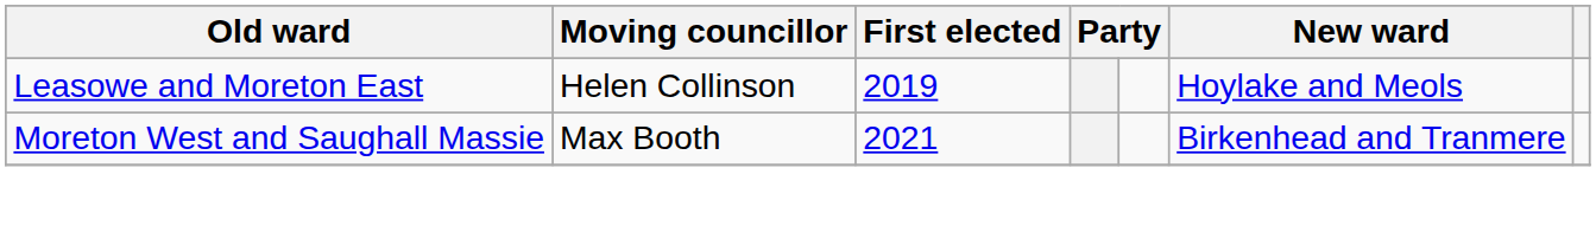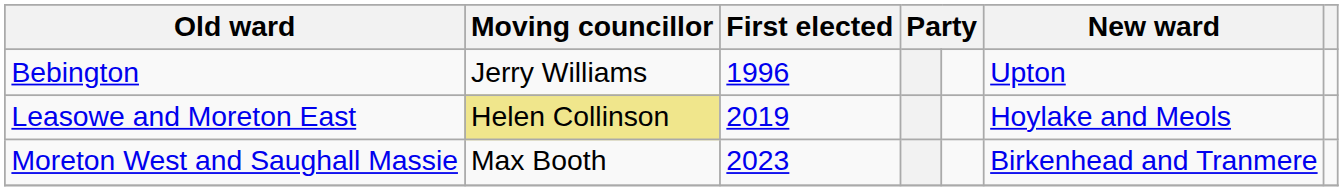 <table class="wikitable sortable">
 <tr>
 <th>Old ward</th>
 <th>Moving councillor</th>
 <th>First elected</th>
 <th colspan="2">Party</th>
 <th>New ward</th>
 <th></th>
 </tr>
 <tr>
+<td align="left"><a href='#'>Bebington</a></td>
+<td align="left">Jerry Williams</td>
+<td align="left"><a href='#'>1996</a></td>
+<th style="background-color: "></th>
+<td><a href='#'></a></td>
+<td align="left"><a href='#'>Upton</a></td>
+<td align = center></td>
+</tr>
+<tr>
 <td align="left"><a href='#'>Leasowe and Moreton East</a></td>
-<td align="left">Helen Collinson</td>
+<td align="left" style="background: khaki;">Helen Collinson</td>
 <td align="left"><a href='#'>2019</a></td>
 <th style="background-color: "></th>
 <td><a href='#'></a></td>
 <td align="left"><a href='#'>Hoylake and Meols</a></td>
 <td align = center></td>
 </tr>
 <tr>
 <td align="left"><a href='#'>Moreton West and Saughall Massie</a></td>
 <td align="left">Max Booth</td>
-<td align="left"><a href='#'>2021</a></td>
+<td align="left"><a href='#'>2023</a></td>
 <th style="background-color: "></th>
 <td><a href='#'></a></td>
 <td align="left"><a href='#'>Birkenhead and Tranmere</a></td>
 <td align = center></td>
 </tr>
 <tr>
 </tr>
 </table>
